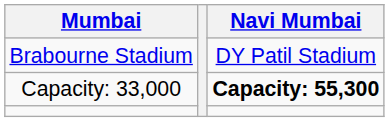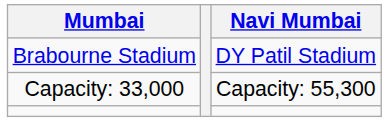 <table class="wikitable" style="text-align:center;margin:auto;">
 <tr>
 <th><a href='#'>Mumbai</a></th>
 <th rowspan="5"></th>
 <th><a href='#'>Navi Mumbai</a></th>
 </tr>
 <tr>
 <td><a href='#'>Brabourne Stadium</a></td>
 <td><a href='#'>DY Patil Stadium</a></td>
 </tr>
 <tr>
 <td>Capacity: 33,000</td>
-<td><strong>Capacity: 55,300</strong></td>
+<td>Capacity: 55,300</td>
 </tr>
 <tr>
 <td></td>
 <td></td>
 </tr>
 </table>
